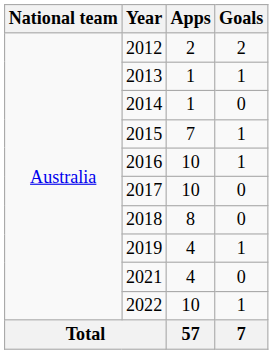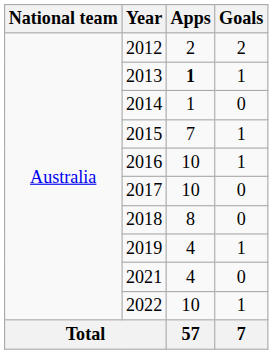 <table class=wikitable style=text-align:center>
 <tr>
 <th>National team</th>
 <th>Year</th>
 <th>Apps</th>
 <th>Goals</th>
 </tr>
 <tr>
 <td rowspan=10><a href='#'>Australia</a></td>
 <td>2012</td>
 <td>2</td>
 <td>2</td>
 </tr>
 <tr>
 <td>2013</td>
-<td>1</td>
+<td><strong>1</strong></td>
 <td>1</td>
 </tr>
 <tr>
 <td>2014</td>
 <td>1</td>
 <td>0</td>
 </tr>
 <tr>
 <td>2015</td>
 <td>7</td>
 <td>1</td>
 </tr>
 <tr>
 <td>2016</td>
 <td>10</td>
 <td>1</td>
 </tr>
 <tr>
 <td>2017</td>
 <td>10</td>
 <td>0</td>
 </tr>
 <tr>
 <td>2018</td>
 <td>8</td>
 <td>0</td>
 </tr>
 <tr>
 <td>2019</td>
 <td>4</td>
 <td>1</td>
 </tr>
 <tr>
 <td>2021</td>
 <td>4</td>
 <td>0</td>
 </tr>
 <tr>
 <td>2022</td>
 <td>10</td>
 <td>1</td>
 </tr>
 <tr>
 <th colspan=2>Total</th>
 <th>57</th>
 <th>7</th>
 </tr>
 </table>
